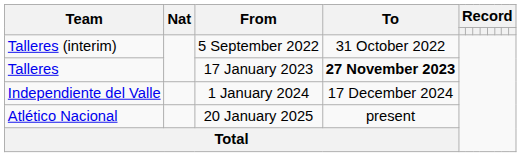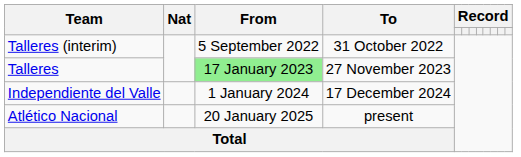 <table class="wikitable" tyle="text-align: center">
 <tr>
 <th rowspan="2">Team</th>
 <th rowspan="2">Nat</th>
 <th rowspan="2">From</th>
 <th rowspan="2">To</th>
 <th colspan="8">Record</th>
 </tr>
 <tr>
 <th></th>
 <th></th>
 <th></th>
 <th></th>
 <th></th>
 <th></th>
 <th></th>
 <th></th>
 </tr>
 <tr>
 <td align=left><a href='#'>Talleres</a> (interim)</td>
 <td rowspan="2"></td>
 <td align=center>5 September 2022</td>
 <td align=center>31 October 2022<br></td>
 </tr>
 <tr>
 <td align=left><a href='#'>Talleres</a></td>
-<td align=center>17 January 2023</td>
-<td align=center><strong>27 November 2023<br></strong></td>
+<td align=center style="background: lightgreen;">17 January 2023</td>
+<td align=center>27 November 2023<br></td>
 </tr>
 <tr>
 <td align="left"><a href='#'>Independiente del Valle</a></td>
 <td></td>
 <td align=center>1 January 2024</td>
 <td align=center>17 December 2024<br></td>
 </tr>
 <tr>
 <td align="left"><a href='#'>Atlético Nacional</a></td>
 <td></td>
 <td align=center>20 January 2025</td>
 <td align=center>present<br></td>
 </tr>
 <tr align=center>
 <th colspan="4">Total<br></th>
 </tr>
 </table>
